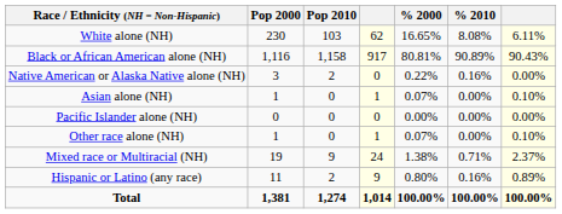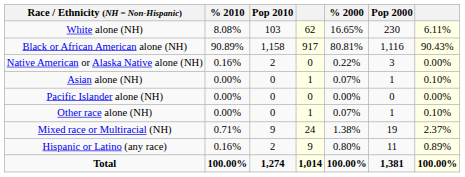 <table class="wikitable" style="text-align:center;">
 <tr>
 <th>Race / Ethnicity <small>(<em>NH = Non-Hispanic</em>)</small></th>
-<th>Pop 2000</th>
+<th>% 2010</th>
 <th>Pop 2010</th>
 <th></th>
 <th>% 2000</th>
-<th>% 2010</th>
+<th>Pop 2000</th>
 <th></th>
 </tr>
 <tr>
 <td><a href='#'>White</a> alone (NH)</td>
-<td>230</td>
+<td>8.08%</td>
 <td>103</td>
 <td style='background: #ffffe6;'>62</td>
 <td>16.65%</td>
-<td>8.08%</td>
+<td>230</td>
 <td style='background: #ffffe6;'>6.11%</td>
 </tr>
 <tr>
 <td><a href='#'>Black or African American</a> alone (NH)</td>
-<td>1,116</td>
+<td>90.89%</td>
 <td>1,158</td>
 <td style='background: #ffffe6;'>917</td>
 <td>80.81%</td>
-<td>90.89%</td>
+<td>1,116</td>
 <td style='background: #ffffe6;'>90.43%</td>
 </tr>
 <tr>
 <td><a href='#'>Native American</a> or <a href='#'>Alaska Native</a> alone (NH)</td>
-<td>3</td>
+<td>0.16%</td>
 <td>2</td>
 <td style='background: #ffffe6;'>0</td>
 <td>0.22%</td>
-<td>0.16%</td>
+<td>3</td>
 <td style='background: #ffffe6;'>0.00%</td>
 </tr>
 <tr>
 <td><a href='#'>Asian</a> alone (NH)</td>
-<td>1</td>
+<td>0.00%</td>
 <td>0</td>
 <td style='background: #ffffe6;'>1</td>
 <td>0.07%</td>
-<td>0.00%</td>
+<td>1</td>
 <td style='background: #ffffe6;'>0.10%</td>
 </tr>
 <tr>
 <td><a href='#'>Pacific Islander</a> alone (NH)</td>
-<td>0</td>
+<td>0.00%</td>
 <td>0</td>
 <td style='background: #ffffe6;'>0</td>
 <td>0.00%</td>
-<td>0.00%</td>
+<td>0</td>
 <td style='background: #ffffe6;'>0.00%</td>
 </tr>
 <tr>
 <td><a href='#'>Other race</a> alone (NH)</td>
-<td>1</td>
+<td>0.00%</td>
 <td>0</td>
 <td style='background: #ffffe6;'>1</td>
 <td>0.07%</td>
-<td>0.00%</td>
+<td>1</td>
 <td style='background: #ffffe6;'>0.10%</td>
 </tr>
 <tr>
 <td><a href='#'>Mixed race or Multiracial</a> (NH)</td>
-<td>19</td>
+<td>0.71%</td>
 <td>9</td>
 <td style='background: #ffffe6;'>24</td>
 <td>1.38%</td>
-<td>0.71%</td>
+<td>19</td>
 <td style='background: #ffffe6;'>2.37%</td>
 </tr>
 <tr>
 <td><a href='#'>Hispanic or Latino</a> (any race)</td>
-<td>11</td>
+<td>0.16%</td>
 <td>2</td>
 <td style='background: #ffffe6;'>9</td>
 <td>0.80%</td>
-<td>0.16%</td>
+<td>11</td>
 <td style='background: #ffffe6;'>0.89%</td>
 </tr>
 <tr>
 <td><strong>Total</strong></td>
-<td><strong>1,381</strong></td>
+<td><strong>100.00%</strong></td>
 <td><strong>1,274</strong></td>
 <td style='background: #ffffe6;'><strong>1,014</strong></td>
 <td><strong>100.00%</strong></td>
-<td><strong>100.00%</strong></td>
+<td><strong>1,381</strong></td>
 <td style='background: #ffffe6;'><strong>100.00%</strong></td>
 </tr>
 </table>
